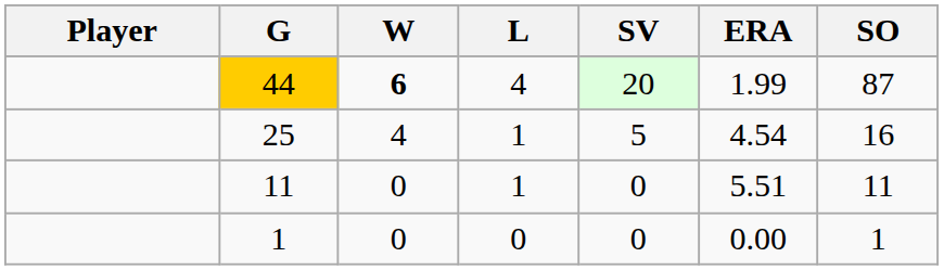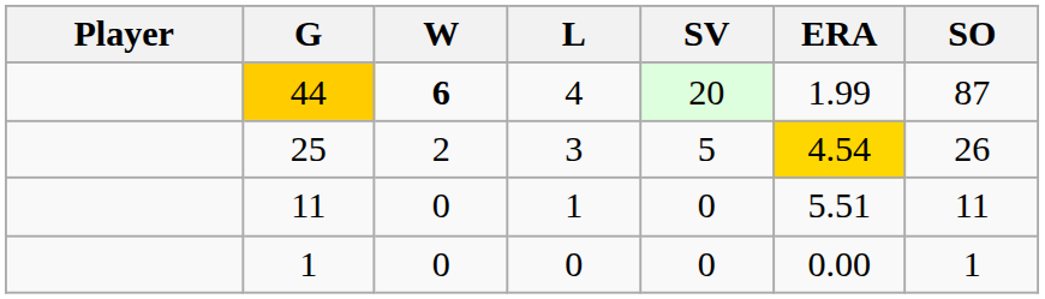 <table class="wikitable sortable">
 <tr>
 <th bgcolor="#DDDDFF" width="16%">Player</th>
 <th bgcolor="#DDDDFF" width="9%">G</th>
 <th bgcolor="#DDDDFF" width="9%">W</th>
 <th bgcolor="#DDDDFF" width="9%">L</th>
 <th bgcolor="#DDDDFF" width="9%">SV</th>
 <th bgcolor="#DDDDFF" width="9%">ERA</th>
 <th bgcolor="#DDDDFF" width="9%">SO</th>
 </tr>
 <tr align="center">
 <td></td>
 <td style="background:#fc0;">44</td>
 <td><strong>6</strong></td>
 <td>4</td>
 <td style="background:#DDFFDD;">20</td>
 <td>1.99</td>
 <td>87</td>
 </tr>
 <tr align="center">
 <td></td>
 <td>25</td>
-<td>4</td>
-<td>1</td>
+<td>2</td>
+<td>3</td>
 <td>5</td>
-<td>4.54</td>
-<td>16</td>
+<td style="background: gold;">4.54</td>
+<td>26</td>
 </tr>
 <tr align="center">
 <td></td>
 <td>11</td>
 <td>0</td>
 <td>1</td>
 <td>0</td>
 <td>5.51</td>
 <td>11</td>
 </tr>
 <tr align="center">
 <td></td>
 <td>1</td>
 <td>0</td>
 <td>0</td>
 <td>0</td>
 <td>0.00</td>
 <td>1</td>
 </tr>
 </table>
